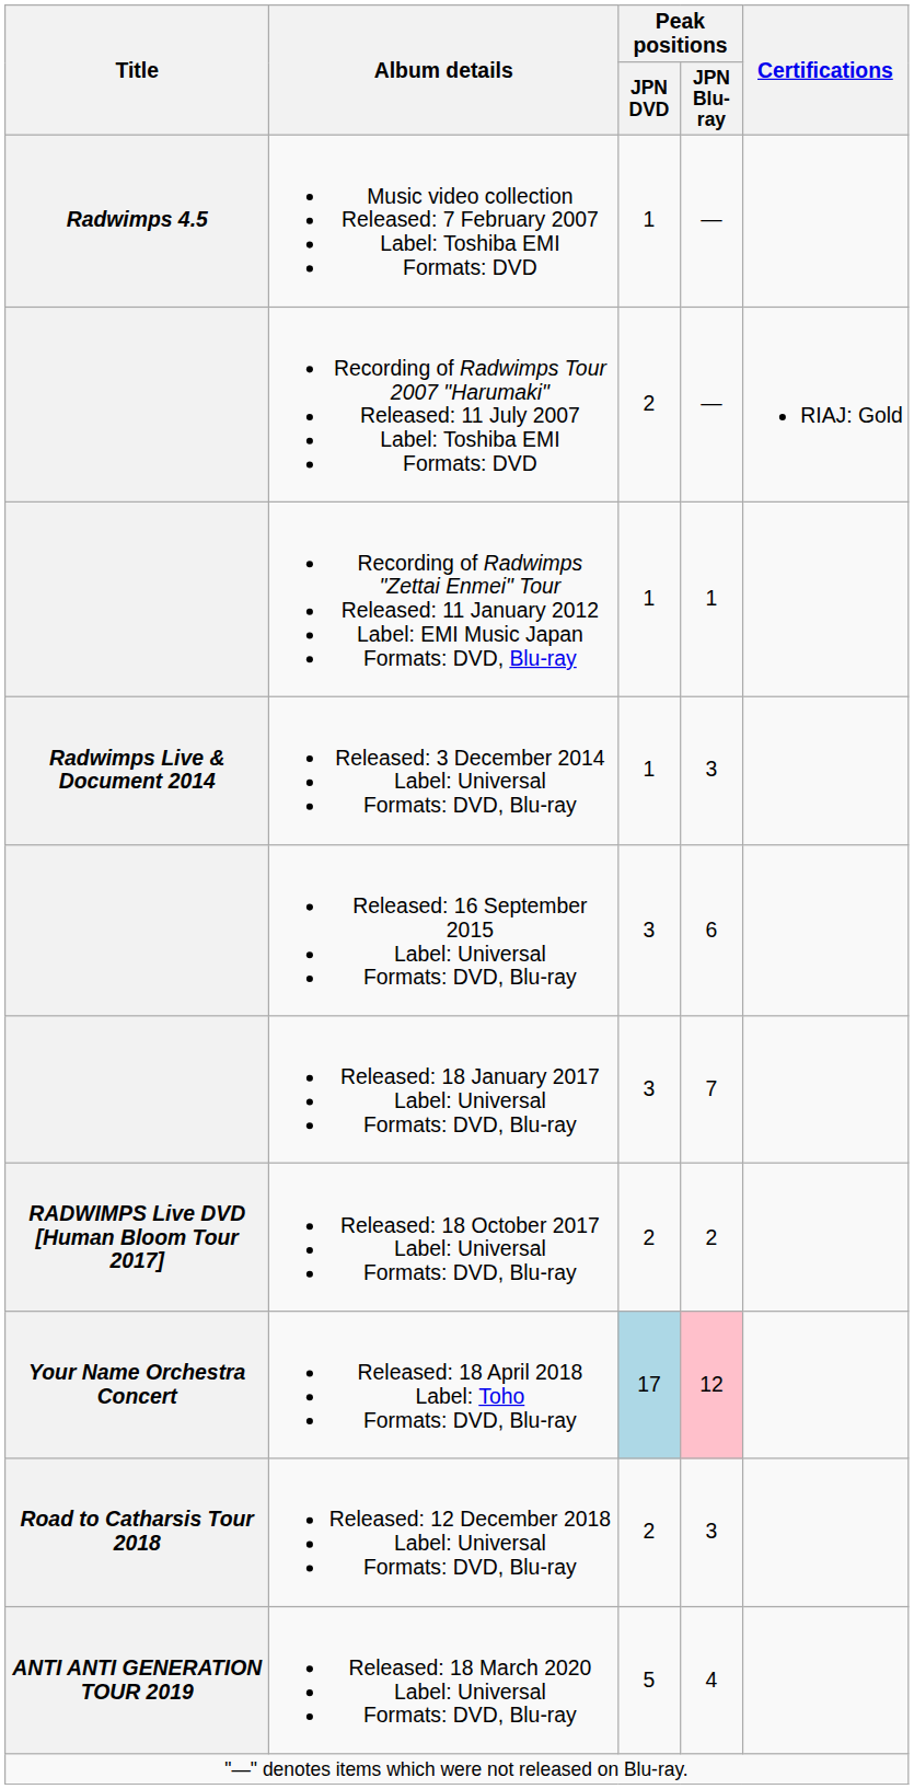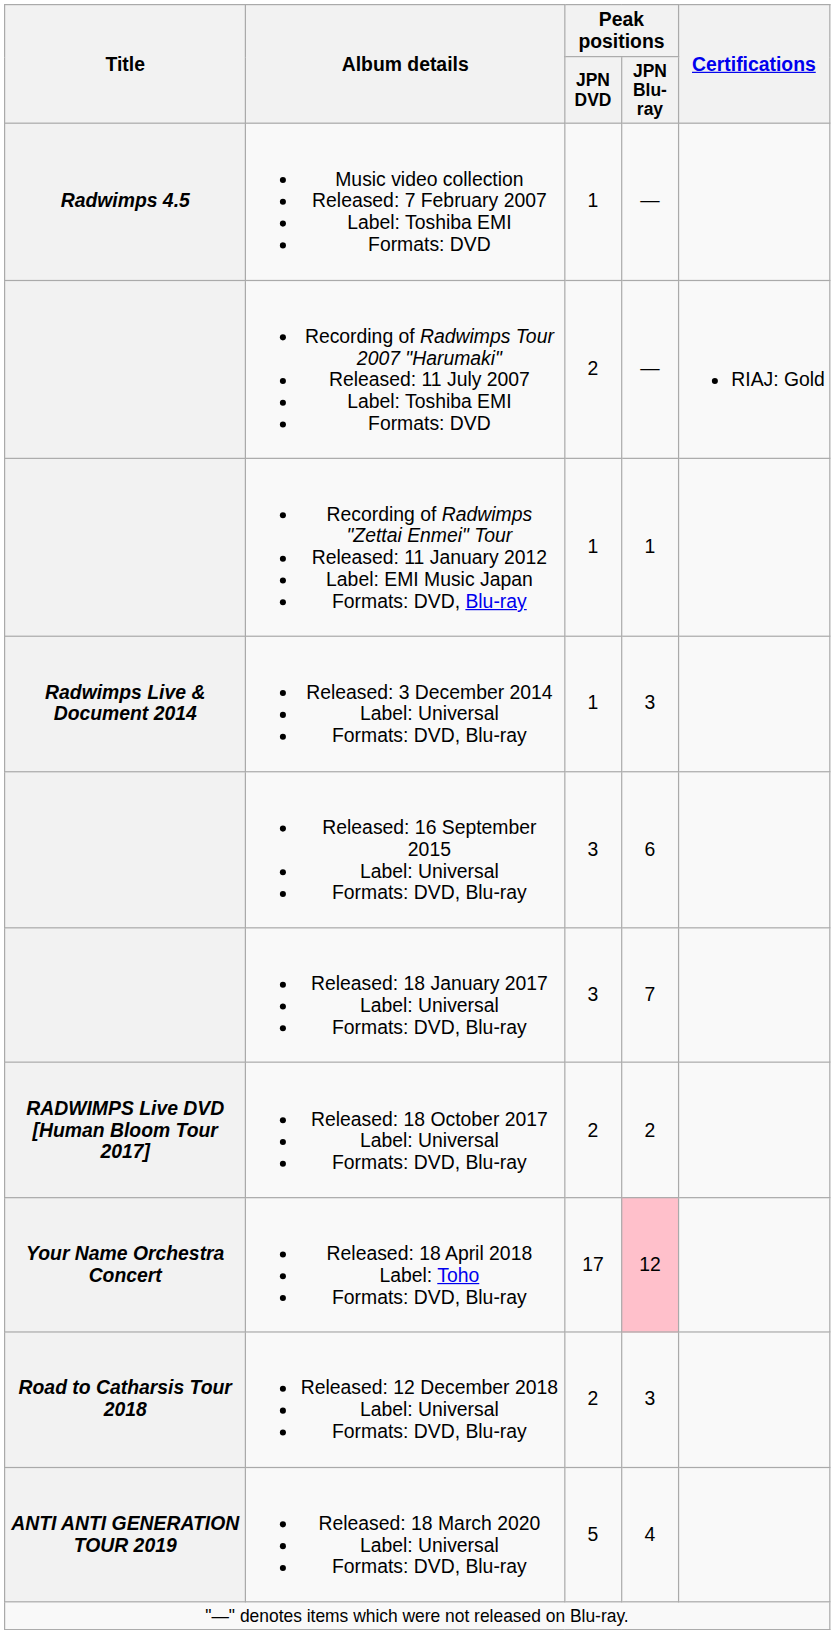 <table class="wikitable plainrowheaders" style="text-align:center;">
 <tr>
 <th style="width:12em;" rowspan="2">Title</th>
 <th style="width:16em;" rowspan="2">Album details</th>
 <th colspan="2">Peak positions</th>
 <th rowspan="2"><a href='#'>Certifications</a></th>
 </tr>
 <tr>
 <th scope="col" style="width:2.8em;font-size:90%;">JPN DVD<br></th>
 <th scope="col" style="width:2.8em;font-size:90%;">JPN Blu-ray<br></th>
 </tr>
 <tr>
 <th scope="row"><em>Radwimps 4.5</em></th>
 <td><br><ul><li>Music video collection</li><li>Released: 7 February 2007</li><li>Label: Toshiba EMI</li><li>Formats: DVD</li></ul></td>
 <td>1</td>
 <td>—</td>
 <td align="left"></td>
 </tr>
 <tr>
 <th scope="row"></th>
 <td><br><ul><li>Recording of <em>Radwimps Tour 2007 "Harumaki"</em></li><li>Released: 11 July 2007</li><li>Label: Toshiba EMI</li><li>Formats: DVD</li></ul></td>
 <td>2</td>
 <td>—</td>
 <td align="left"><br><ul><li>RIAJ: Gold</li></ul></td>
 </tr>
 <tr>
 <th scope="row"></th>
 <td><br><ul><li>Recording of <em>Radwimps "Zettai Enmei" Tour</em></li><li>Released: 11 January 2012</li><li>Label: EMI Music Japan</li><li>Formats: DVD, <a href='#'>Blu-ray</a></li></ul></td>
 <td>1</td>
 <td>1</td>
 <td align="left"></td>
 </tr>
 <tr>
 <th scope="row"><em>Radwimps Live & Document 2014</em></th>
 <td><br><ul><li>Released: 3 December 2014</li><li>Label: Universal</li><li>Formats: DVD, Blu-ray</li></ul></td>
 <td>1</td>
 <td>3</td>
 <td align="left"></td>
 </tr>
 <tr>
 <th scope="row"></th>
 <td><br><ul><li>Released: 16 September 2015</li><li>Label: Universal</li><li>Formats: DVD, Blu-ray</li></ul></td>
 <td>3</td>
 <td>6</td>
 <td align="left"></td>
 </tr>
 <tr>
 <th scope="row"></th>
 <td><br><ul><li>Released: 18 January 2017</li><li>Label: Universal</li><li>Formats: DVD, Blu-ray</li></ul></td>
 <td>3</td>
 <td>7</td>
 <td align="left"></td>
 </tr>
 <tr>
 <th scope="row"><em>RADWIMPS Live DVD [Human Bloom Tour 2017]</em></th>
 <td><br><ul><li>Released: 18 October 2017</li><li>Label: Universal</li><li>Formats: DVD, Blu-ray</li></ul></td>
 <td>2</td>
 <td>2</td>
 <td align="left"></td>
 </tr>
 <tr>
 <th scope="row"><em>Your Name Orchestra Concert</em></th>
 <td><br><ul><li>Released: 18 April 2018</li><li>Label: <a href='#'>Toho</a></li><li>Formats: DVD, Blu-ray</li></ul></td>
-<td style="background: lightblue;">17</td>
+<td>17</td>
 <td style="background: pink;">12</td>
 <td align="left"></td>
 </tr>
 <tr>
 <th scope="row"><em>Road to Catharsis Tour 2018</em></th>
 <td><br><ul><li>Released: 12 December 2018</li><li>Label: Universal</li><li>Formats: DVD, Blu-ray</li></ul></td>
 <td>2</td>
 <td>3</td>
 <td align="left"></td>
 </tr>
 <tr>
 <th scope="row"><em>ANTI ANTI GENERATION TOUR 2019</em></th>
 <td><br><ul><li>Released: 18 March 2020</li><li>Label: Universal</li><li>Formats: DVD, Blu-ray</li></ul></td>
 <td>5</td>
 <td>4</td>
 <td></td>
 </tr>
 <tr>
 <td colspan="12" align="center" style="font-size:90%;">"—" denotes items which were not released on Blu-ray.</td>
 </tr>
 </table>
